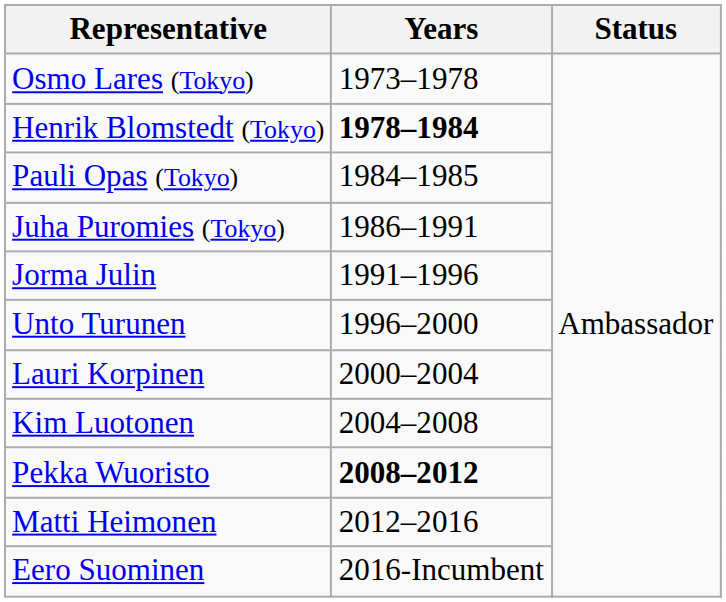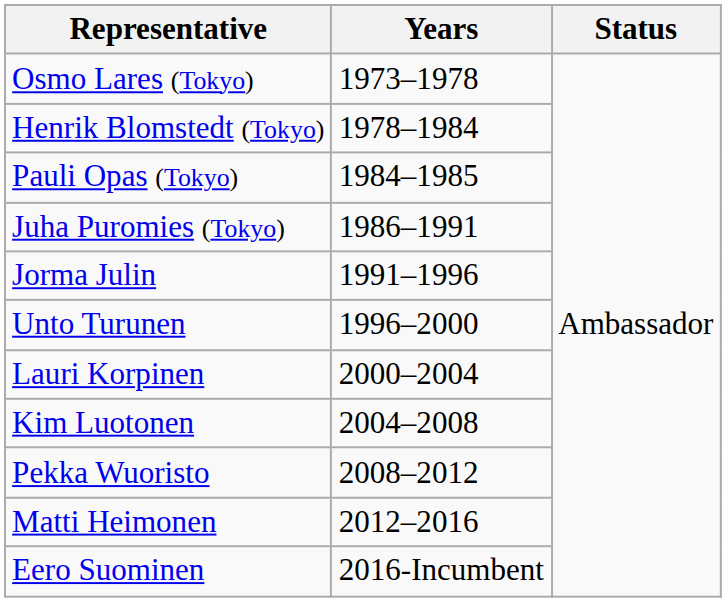 <table class="wikitable sortable">
 <tr>
 <th>Representative</th>
 <th>Years</th>
 <th>Status</th>
 </tr>
 <tr>
 <td><a href='#'>Osmo Lares</a> <small>(<a href='#'>Tokyo</a>)</small></td>
 <td>1973–1978</td>
 <td rowspan="11">Ambassador</td>
 </tr>
 <tr>
 <td><a href='#'>Henrik Blomstedt</a> <small>(<a href='#'>Tokyo</a>)</small></td>
-<td><strong>1978–1984</strong></td>
+<td>1978–1984</td>
 </tr>
 <tr>
 <td><a href='#'>Pauli Opas</a> <small>(<a href='#'>Tokyo</a>)</small></td>
 <td>1984–1985</td>
 </tr>
 <tr>
 <td><a href='#'>Juha Puromies</a> <small>(<a href='#'>Tokyo</a>)</small></td>
 <td>1986–1991</td>
 </tr>
 <tr>
 <td><a href='#'>Jorma Julin</a></td>
 <td>1991–1996</td>
 </tr>
 <tr>
 <td><a href='#'>Unto Turunen</a></td>
 <td>1996–2000</td>
 </tr>
 <tr>
 <td><a href='#'>Lauri Korpinen</a></td>
 <td>2000–2004</td>
 </tr>
 <tr>
 <td><a href='#'>Kim Luotonen</a></td>
 <td>2004–2008</td>
 </tr>
 <tr>
 <td><a href='#'>Pekka Wuoristo</a></td>
-<td><strong>2008–2012</strong></td>
+<td>2008–2012</td>
 </tr>
 <tr>
 <td><a href='#'>Matti Heimonen</a></td>
 <td>2012–2016</td>
 </tr>
 <tr>
 <td><a href='#'>Eero Suominen</a></td>
 <td>2016-Incumbent</td>
 </tr>
 </table>
